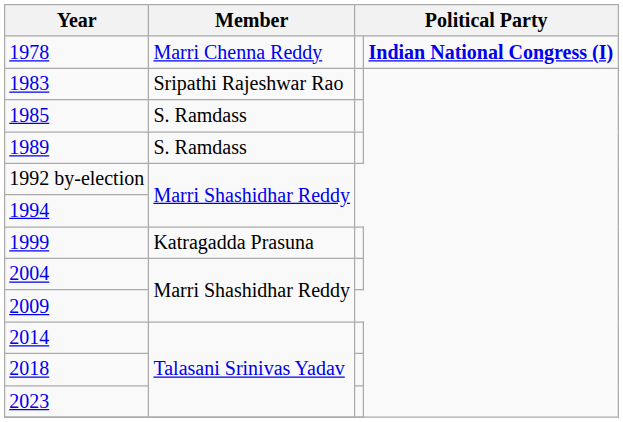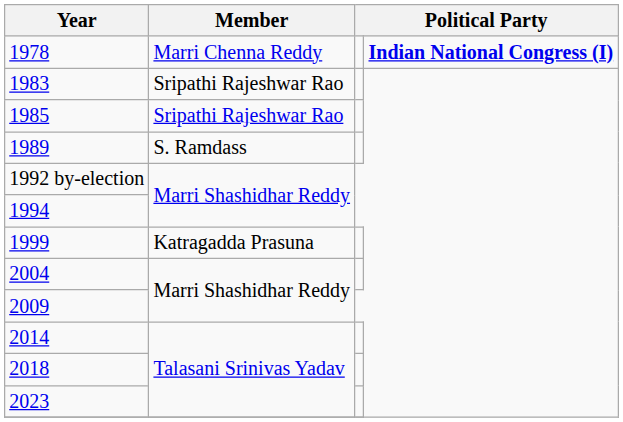 <table class="wikitable sortable">
 <tr>
 <th>Year</th>
 <th>Member</th>
 <th colspan="2">Political Party</th>
 </tr>
 <tr>
 <td><a href='#'>1978</a></td>
 <td><a href='#'>Marri Chenna Reddy</a></td>
 <td style="background-color: "></td>
 <td><strong><a href='#'>Indian National Congress (I)</a></strong></td>
 </tr>
 <tr>
 <td><a href='#'>1983</a></td>
 <td>Sripathi Rajeshwar Rao</td>
 <td></td>
 </tr>
 <tr>
 <td><a href='#'>1985</a></td>
-<td>S. Ramdass</td>
+<td><a href='#'>Sripathi Rajeshwar Rao</a></td>
 <td></td>
 </tr>
 <tr>
 <td><a href='#'>1989</a></td>
 <td>S. Ramdass</td>
 <td></td>
 </tr>
 <tr>
 <td>1992 by-election</td>
 <td rowspan="2"><a href='#'>Marri Shashidhar Reddy</a></td>
 </tr>
 <tr>
 <td><a href='#'>1994</a></td>
 </tr>
 <tr>
 <td><a href='#'>1999</a></td>
 <td>Katragadda Prasuna</td>
 <td></td>
 </tr>
 <tr>
 <td><a href='#'>2004</a></td>
 <td rowspan=2>Marri Shashidhar Reddy</td>
 <td></td>
 </tr>
 <tr>
 <td><a href='#'>2009</a></td>
 </tr>
 <tr>
 <td><a href='#'>2014</a></td>
 <td rowspan="3"><a href='#'>Talasani Srinivas Yadav</a></td>
 <td></td>
 </tr>
 <tr>
 <td><a href='#'>2018</a></td>
 <td></td>
 </tr>
 <tr>
 <td><a href='#'>2023</a></td>
 <td></td>
 </tr>
 <tr>
 </tr>
 </table>
